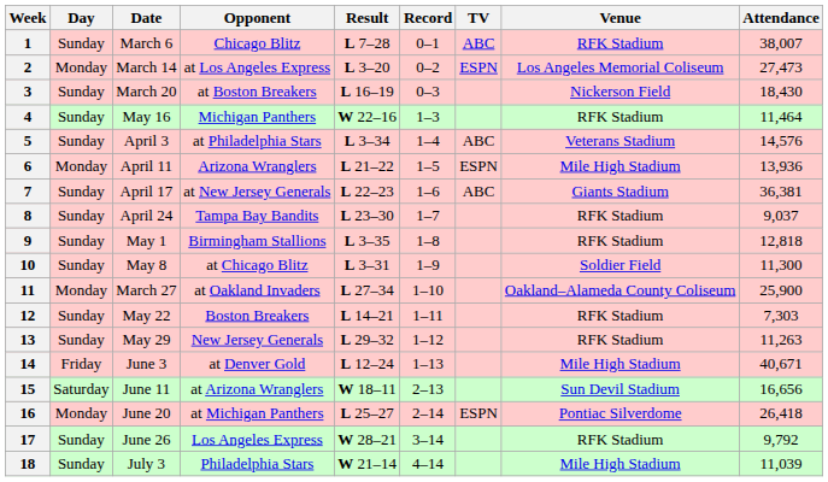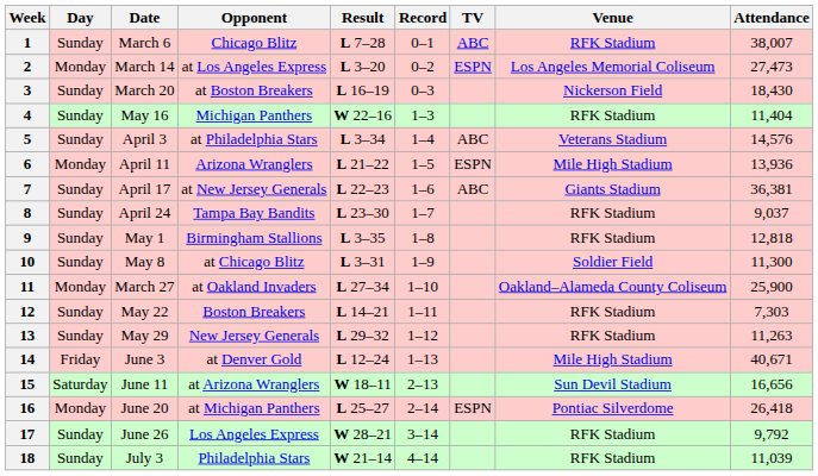 <table class="wikitable" style="text-align:center">
 <tr>
 <th>Week</th>
 <th>Day</th>
 <th>Date</th>
 <th>Opponent</th>
 <th>Result</th>
 <th>Record</th>
 <th>TV</th>
 <th>Venue</th>
 <th>Attendance</th>
 </tr>
 <tr style="background:#fcc">
 <th>1</th>
 <td>Sunday</td>
 <td>March 6</td>
 <td><a href='#'>Chicago Blitz</a></td>
 <td><strong>L</strong> 7–28</td>
 <td>0–1</td>
 <td><a href='#'>ABC</a></td>
 <td><a href='#'>RFK Stadium</a></td>
 <td>38,007</td>
 </tr>
 <tr style="background:#fcc">
 <th>2</th>
 <td>Monday</td>
 <td>March 14</td>
 <td>at <a href='#'>Los Angeles Express</a></td>
 <td><strong>L</strong> 3–20</td>
 <td>0–2</td>
 <td><a href='#'>ESPN</a></td>
 <td><a href='#'>Los Angeles Memorial Coliseum</a></td>
 <td>27,473</td>
 </tr>
 <tr style="background:#fcc">
 <th>3</th>
 <td>Sunday</td>
 <td>March 20</td>
 <td>at <a href='#'>Boston Breakers</a></td>
 <td><strong>L</strong> 16–19</td>
 <td>0–3</td>
 <td></td>
 <td><a href='#'>Nickerson Field</a></td>
 <td>18,430</td>
 </tr>
 <tr style="background:#cfc">
 <th>4</th>
 <td>Sunday</td>
 <td>May 16</td>
 <td><a href='#'>Michigan Panthers</a></td>
 <td><strong>W</strong> 22–16 </td>
 <td>1–3</td>
 <td></td>
 <td>RFK Stadium</td>
-<td>11,464</td>
+<td>11,404</td>
 </tr>
 <tr style="background:#fcc">
 <th>5</th>
 <td>Sunday</td>
 <td>April 3</td>
 <td>at <a href='#'>Philadelphia Stars</a></td>
 <td><strong>L</strong> 3–34</td>
 <td>1–4</td>
 <td>ABC</td>
 <td><a href='#'>Veterans Stadium</a></td>
 <td>14,576</td>
 </tr>
 <tr style="background:#fcc">
 <th>6</th>
 <td>Monday</td>
 <td>April 11</td>
 <td><a href='#'>Arizona Wranglers</a></td>
 <td><strong>L</strong> 21–22</td>
 <td>1–5</td>
 <td>ESPN</td>
 <td><a href='#'>Mile High Stadium</a></td>
 <td>13,936</td>
 </tr>
 <tr style="background:#fcc">
 <th>7</th>
 <td>Sunday</td>
 <td>April 17</td>
 <td>at <a href='#'>New Jersey Generals</a></td>
 <td><strong>L</strong> 22–23</td>
 <td>1–6</td>
 <td>ABC</td>
 <td><a href='#'>Giants Stadium</a></td>
 <td>36,381</td>
 </tr>
 <tr style="background:#fcc">
 <th>8</th>
 <td>Sunday</td>
 <td>April 24</td>
 <td><a href='#'>Tampa Bay Bandits</a></td>
 <td><strong>L</strong> 23–30</td>
 <td>1–7</td>
 <td></td>
 <td>RFK Stadium</td>
 <td>9,037</td>
 </tr>
 <tr style="background:#fcc">
 <th>9</th>
 <td>Sunday</td>
 <td>May 1</td>
 <td><a href='#'>Birmingham Stallions</a></td>
 <td><strong>L</strong> 3–35</td>
 <td>1–8</td>
 <td></td>
 <td>RFK Stadium</td>
 <td>12,818</td>
 </tr>
 <tr style="background:#fcc">
 <th>10</th>
 <td>Sunday</td>
 <td>May 8</td>
 <td>at <a href='#'>Chicago Blitz</a></td>
 <td><strong>L</strong> 3–31</td>
 <td>1–9</td>
 <td></td>
 <td><a href='#'>Soldier Field</a></td>
 <td>11,300</td>
 </tr>
 <tr style="background:#fcc">
 <th>11</th>
 <td>Monday</td>
 <td>March 27</td>
 <td>at <a href='#'>Oakland Invaders</a></td>
 <td><strong>L</strong> 27–34</td>
 <td>1–10</td>
 <td></td>
 <td><a href='#'>Oakland–Alameda County Coliseum</a></td>
 <td>25,900</td>
 </tr>
 <tr style="background:#fcc">
 <th>12</th>
 <td>Sunday</td>
 <td>May 22</td>
 <td><a href='#'>Boston Breakers</a></td>
 <td><strong>L</strong> 14–21</td>
 <td>1–11</td>
 <td></td>
 <td>RFK Stadium</td>
 <td>7,303</td>
 </tr>
 <tr style="background:#fcc">
 <th>13</th>
 <td>Sunday</td>
 <td>May 29</td>
 <td><a href='#'>New Jersey Generals</a></td>
 <td><strong>L</strong> 29–32</td>
 <td>1–12</td>
 <td></td>
 <td>RFK Stadium</td>
 <td>11,263</td>
 </tr>
 <tr style="background:#fcc">
 <th>14</th>
 <td>Friday</td>
 <td>June 3</td>
 <td>at <a href='#'>Denver Gold</a></td>
 <td><strong>L</strong> 12–24</td>
 <td>1–13</td>
 <td></td>
 <td><a href='#'>Mile High Stadium</a></td>
 <td>40,671</td>
 </tr>
 <tr style="background:#cfc">
 <th>15</th>
 <td>Saturday</td>
 <td>June 11</td>
 <td>at <a href='#'>Arizona Wranglers</a></td>
 <td><strong>W</strong> 18–11</td>
 <td>2–13</td>
 <td></td>
 <td><a href='#'>Sun Devil Stadium</a></td>
 <td>16,656</td>
 </tr>
 <tr style="background:#fcc">
 <th>16</th>
 <td>Monday</td>
 <td>June 20</td>
 <td>at <a href='#'>Michigan Panthers</a></td>
 <td><strong>L</strong> 25–27</td>
 <td>2–14</td>
 <td>ESPN</td>
 <td><a href='#'>Pontiac Silverdome</a></td>
 <td>26,418</td>
 </tr>
 <tr style="background:#cfc">
 <th>17</th>
 <td>Sunday</td>
 <td>June 26</td>
 <td><a href='#'>Los Angeles Express</a></td>
 <td><strong>W</strong> 28–21</td>
 <td>3–14</td>
 <td></td>
 <td>RFK Stadium</td>
 <td>9,792</td>
 </tr>
 <tr style="background:#cfc">
 <th>18</th>
 <td>Sunday</td>
 <td>July 3</td>
 <td><a href='#'>Philadelphia Stars</a></td>
 <td><strong>W</strong> 21–14</td>
 <td>4–14</td>
 <td></td>
-<td><a href='#'>Mile High Stadium</a></td>
+<td>RFK Stadium</td>
 <td>11,039</td>
 </tr>
 </table>
